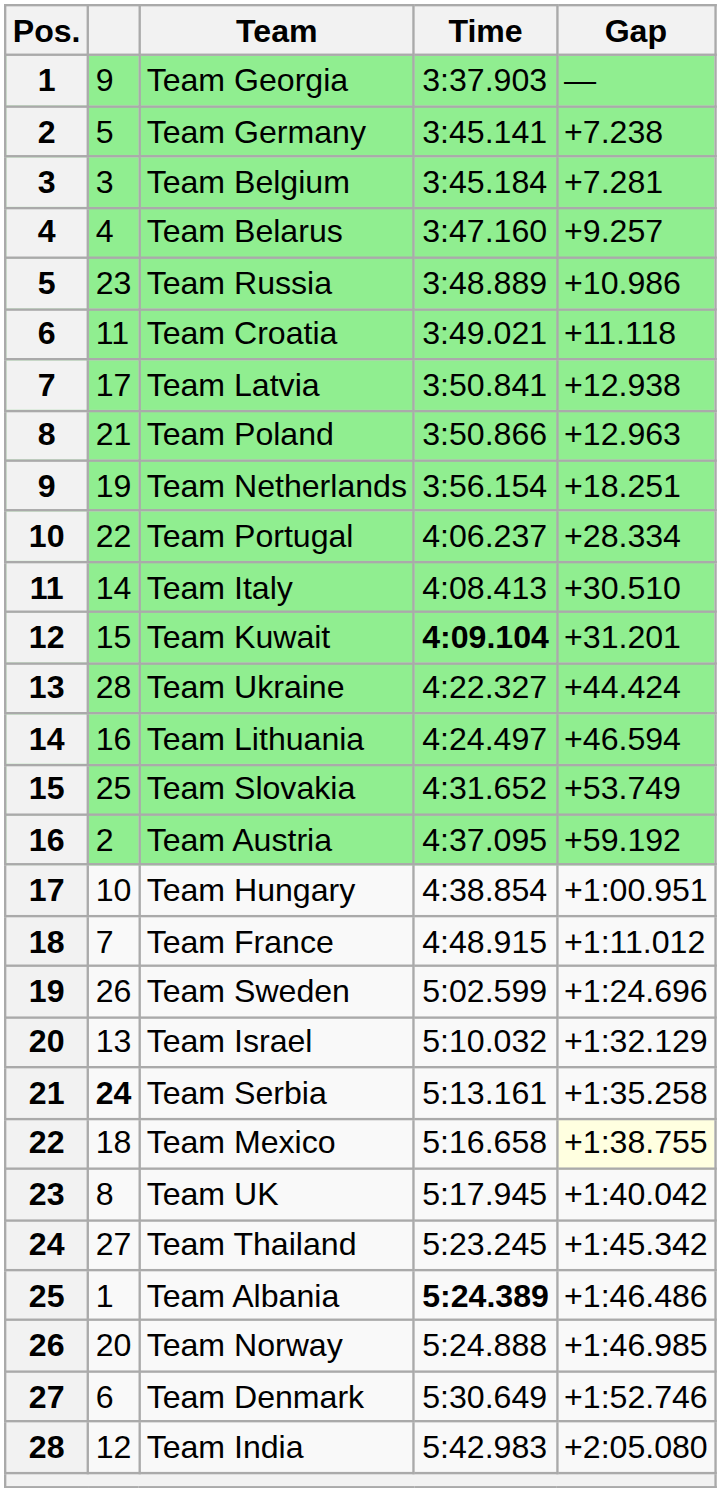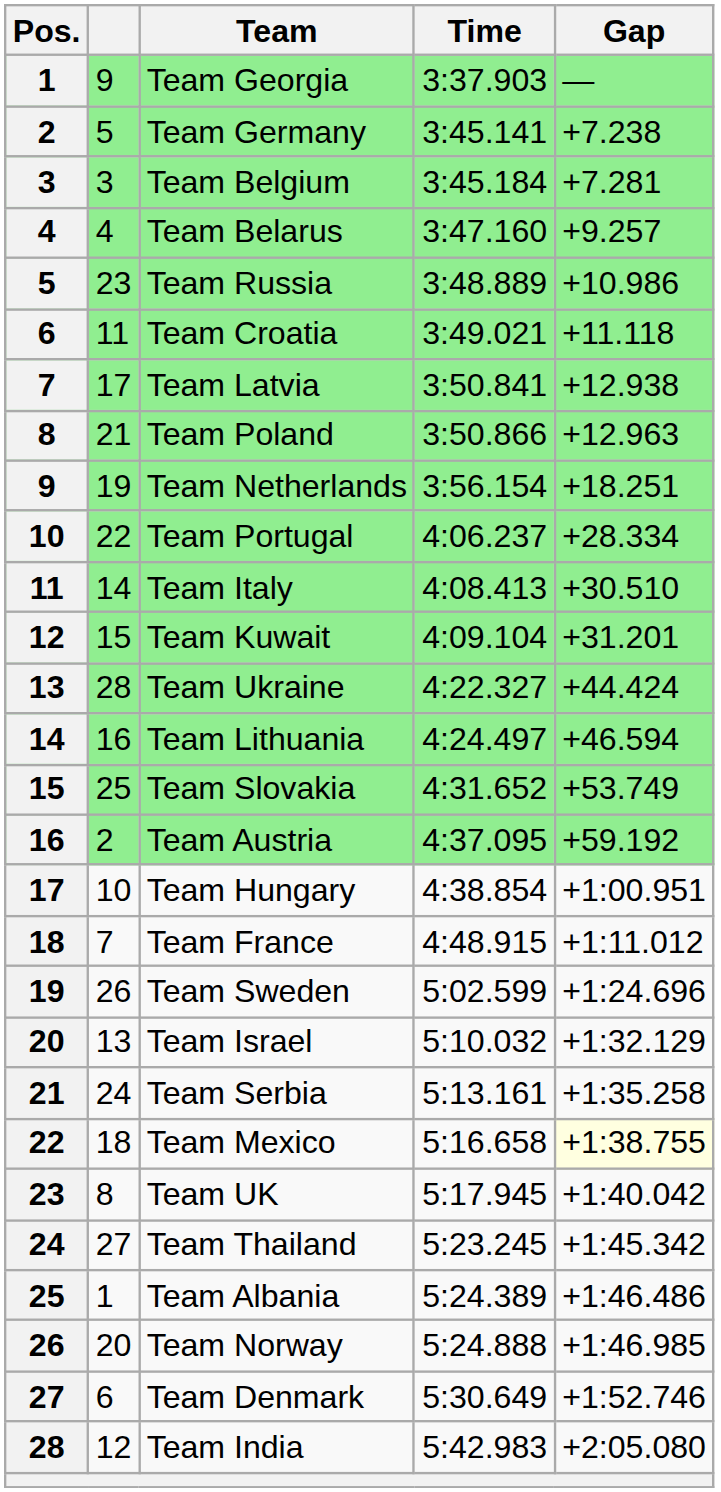 <table class="wikitable" style="font-size: 85%;">
 <tr>
 <th scope="col">Pos.</th>
 <th scope="col"></th>
 <th scope="col">Team</th>
 <th scope="col">Time</th>
 <th scope="col">Gap</th>
 </tr>
 <tr style="background:lightgreen;">
 <th>1</th>
 <td>9</td>
 <td> Team Georgia</td>
 <td>3:37.903</td>
 <td>—</td>
 </tr>
 <tr style="background:lightgreen;">
 <th>2</th>
 <td>5</td>
 <td> Team Germany</td>
 <td>3:45.141</td>
 <td>+7.238</td>
 </tr>
 <tr style="background:lightgreen;">
 <th>3</th>
 <td>3</td>
 <td> Team Belgium</td>
 <td>3:45.184</td>
 <td>+7.281</td>
 </tr>
 <tr style="background:lightgreen;">
 <th>4</th>
 <td>4</td>
 <td> Team Belarus</td>
 <td>3:47.160</td>
 <td>+9.257</td>
 </tr>
 <tr style="background:lightgreen;">
 <th>5</th>
 <td>23</td>
 <td> Team Russia</td>
 <td>3:48.889</td>
 <td>+10.986</td>
 </tr>
 <tr style="background:lightgreen;">
 <th>6</th>
 <td>11</td>
 <td> Team Croatia</td>
 <td>3:49.021</td>
 <td>+11.118</td>
 </tr>
 <tr style="background:lightgreen;">
 <th>7</th>
 <td>17</td>
 <td> Team Latvia</td>
 <td>3:50.841</td>
 <td>+12.938</td>
 </tr>
 <tr style="background:lightgreen;">
 <th>8</th>
 <td>21</td>
 <td> Team Poland</td>
 <td>3:50.866</td>
 <td>+12.963</td>
 </tr>
 <tr style="background:lightgreen;">
 <th>9</th>
 <td>19</td>
 <td> Team Netherlands</td>
 <td>3:56.154</td>
 <td>+18.251</td>
 </tr>
 <tr style="background:lightgreen;">
 <th>10</th>
 <td>22</td>
 <td> Team Portugal</td>
 <td>4:06.237</td>
 <td>+28.334</td>
 </tr>
 <tr style="background:lightgreen;">
 <th>11</th>
 <td>14</td>
 <td> Team Italy</td>
 <td>4:08.413</td>
 <td>+30.510</td>
 </tr>
 <tr style="background:lightgreen;">
 <th>12</th>
 <td>15</td>
 <td> Team Kuwait</td>
-<td><strong>4:09.104</strong></td>
+<td>4:09.104</td>
 <td>+31.201</td>
 </tr>
 <tr style="background:lightgreen;">
 <th>13</th>
 <td>28</td>
 <td> Team Ukraine</td>
 <td>4:22.327</td>
 <td>+44.424</td>
 </tr>
 <tr style="background:lightgreen;">
 <th>14</th>
 <td>16</td>
 <td> Team Lithuania</td>
 <td>4:24.497</td>
 <td>+46.594</td>
 </tr>
 <tr style="background:lightgreen;">
 <th>15</th>
 <td>25</td>
 <td> Team Slovakia</td>
 <td>4:31.652</td>
 <td>+53.749</td>
 </tr>
 <tr style="background:lightgreen;">
 <th>16</th>
 <td>2</td>
 <td> Team Austria</td>
 <td>4:37.095</td>
 <td>+59.192</td>
 </tr>
 <tr>
 <th>17</th>
 <td>10</td>
 <td> Team Hungary</td>
 <td>4:38.854</td>
 <td>+1:00.951</td>
 </tr>
 <tr>
 <th>18</th>
 <td>7</td>
 <td> Team France</td>
 <td>4:48.915</td>
 <td>+1:11.012</td>
 </tr>
 <tr>
 <th>19</th>
 <td>26</td>
 <td> Team Sweden</td>
 <td>5:02.599</td>
 <td>+1:24.696</td>
 </tr>
 <tr>
 <th>20</th>
 <td>13</td>
 <td> Team Israel</td>
 <td>5:10.032</td>
 <td>+1:32.129</td>
 </tr>
 <tr>
 <th>21</th>
-<td><strong>24</strong></td>
+<td>24</td>
 <td> Team Serbia</td>
 <td>5:13.161</td>
 <td>+1:35.258</td>
 </tr>
 <tr>
 <th>22</th>
 <td>18</td>
 <td> Team Mexico</td>
 <td>5:16.658</td>
 <td style="background: lightyellow;">+1:38.755</td>
 </tr>
 <tr>
 <th>23</th>
 <td>8</td>
 <td> Team UK</td>
 <td>5:17.945</td>
 <td>+1:40.042</td>
 </tr>
 <tr>
 <th>24</th>
 <td>27</td>
 <td> Team Thailand</td>
 <td>5:23.245</td>
 <td>+1:45.342</td>
 </tr>
 <tr>
 <th>25</th>
 <td>1</td>
 <td> Team Albania</td>
-<td><strong>5:24.389</strong></td>
+<td>5:24.389</td>
 <td>+1:46.486</td>
 </tr>
 <tr>
 <th>26</th>
 <td>20</td>
 <td> Team Norway</td>
 <td>5:24.888</td>
 <td>+1:46.985</td>
 </tr>
 <tr>
 <th>27</th>
 <td>6</td>
 <td> Team Denmark</td>
 <td>5:30.649</td>
 <td>+1:52.746</td>
 </tr>
 <tr>
 <th>28</th>
 <td>12</td>
 <td> Team India</td>
 <td>5:42.983</td>
 <td>+2:05.080</td>
 </tr>
 <tr class="sortbottom">
 <th colspan=5></th>
 </tr>
 </table>
